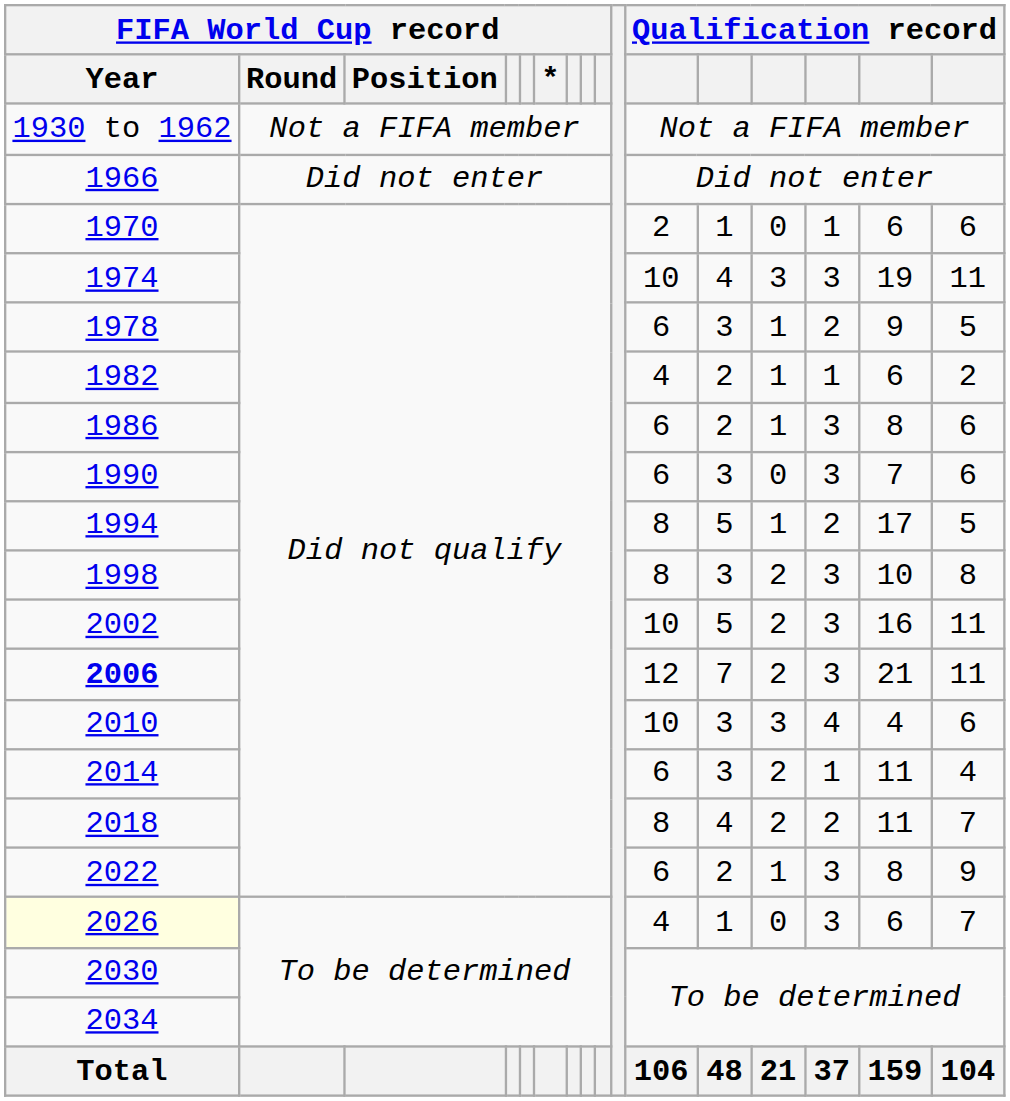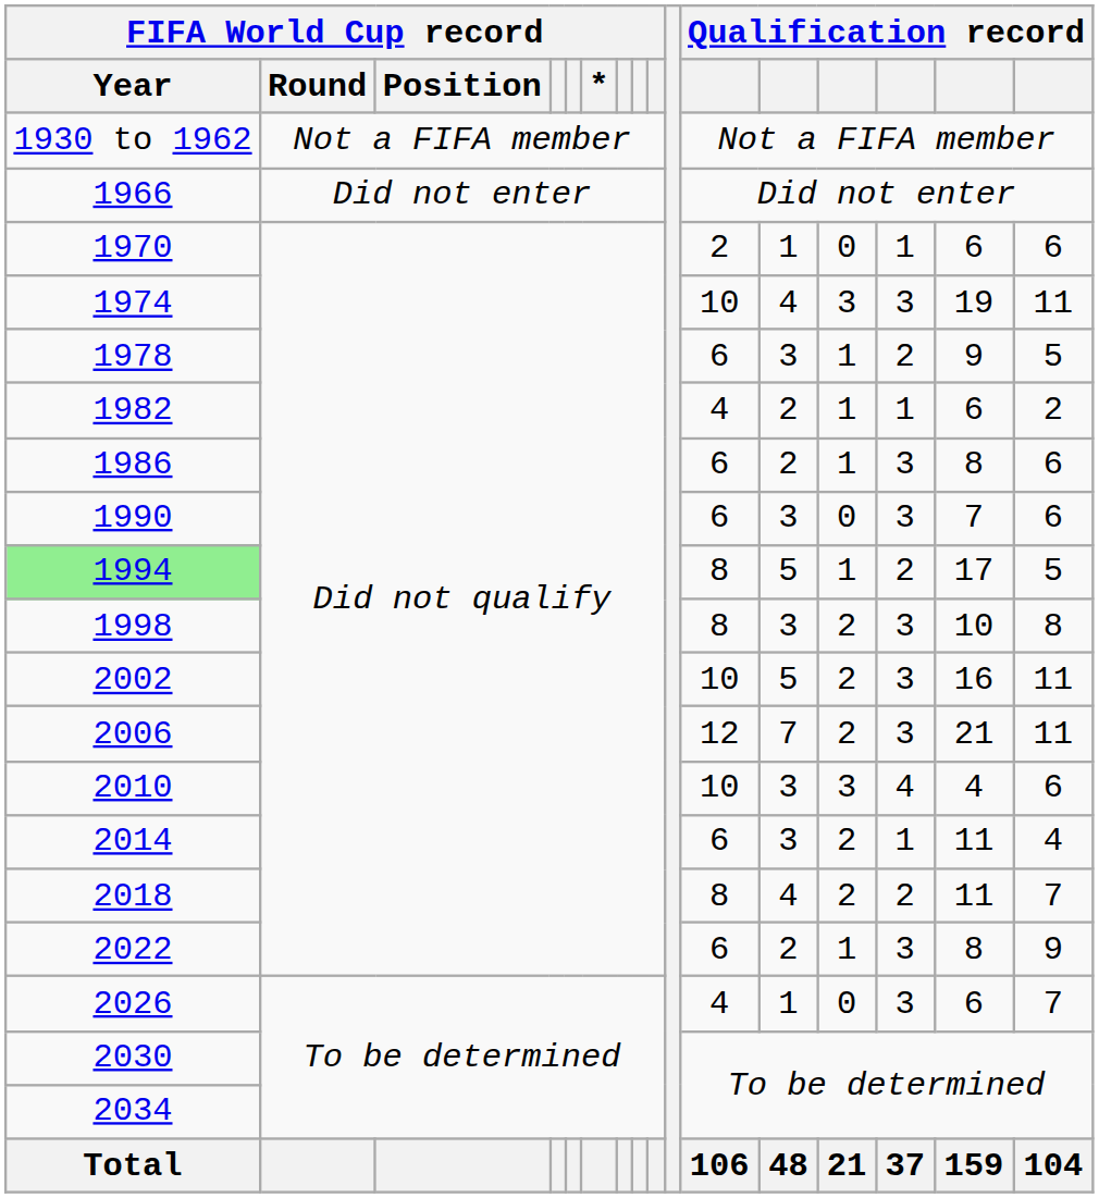 <table class="wikitable" style="text-align: center;">
 <tr>
 <th colspan=9><a href='#'>FIFA World Cup</a> record</th>
 <th rowspan=39></th>
 <th colspan=6><a href='#'>Qualification</a> record</th>
 </tr>
 <tr>
 <th>Year</th>
 <th>Round</th>
 <th>Position</th>
 <th></th>
 <th></th>
 <th>*</th>
 <th></th>
 <th></th>
 <th></th>
 <th></th>
 <th></th>
 <th></th>
 <th></th>
 <th></th>
 <th></th>
 </tr>
 <tr>
 <td><a href='#'>1930</a> to <a href='#'>1962</a></td>
 <td colspan=8><em>Not a FIFA member</em></td>
 <td colspan=6><em>Not a FIFA member</em></td>
 </tr>
 <tr>
 <td> <a href='#'>1966</a></td>
 <td colspan=8><em>Did not enter</em></td>
 <td colspan=6><em>Did not enter</em></td>
 </tr>
 <tr>
 <td> <a href='#'>1970</a></td>
 <td colspan=8 rowspan=14><em>Did not qualify</em></td>
 <td>2</td>
 <td>1</td>
 <td>0</td>
 <td>1</td>
 <td>6</td>
 <td>6</td>
 </tr>
 <tr>
 <td> <a href='#'>1974</a></td>
 <td>10</td>
 <td>4</td>
 <td>3</td>
 <td>3</td>
 <td>19</td>
 <td>11</td>
 </tr>
 <tr>
 <td> <a href='#'>1978</a></td>
 <td>6</td>
 <td>3</td>
 <td>1</td>
 <td>2</td>
 <td>9</td>
 <td>5</td>
 </tr>
 <tr>
 <td> <a href='#'>1982</a></td>
 <td>4</td>
 <td>2</td>
 <td>1</td>
 <td>1</td>
 <td>6</td>
 <td>2</td>
 </tr>
 <tr>
 <td> <a href='#'>1986</a></td>
 <td>6</td>
 <td>2</td>
 <td>1</td>
 <td>3</td>
 <td>8</td>
 <td>6</td>
 </tr>
 <tr>
 <td> <a href='#'>1990</a></td>
 <td>6</td>
 <td>3</td>
 <td>0</td>
 <td>3</td>
 <td>7</td>
 <td>6</td>
 </tr>
 <tr>
-<td> <a href='#'>1994</a></td>
+<td style="background: lightgreen;"> <a href='#'>1994</a></td>
 <td>8</td>
 <td>5</td>
 <td>1</td>
 <td>2</td>
 <td>17</td>
 <td>5</td>
 </tr>
 <tr>
 <td> <a href='#'>1998</a></td>
 <td>8</td>
 <td>3</td>
 <td>2</td>
 <td>3</td>
 <td>10</td>
 <td>8</td>
 </tr>
 <tr>
 <td>  <a href='#'>2002</a></td>
 <td>10</td>
 <td>5</td>
 <td>2</td>
 <td>3</td>
 <td>16</td>
 <td>11</td>
 </tr>
 <tr>
-<td><strong> <a href='#'>2006</a></strong></td>
+<td> <a href='#'>2006</a></td>
 <td>12</td>
 <td>7</td>
 <td>2</td>
 <td>3</td>
 <td>21</td>
 <td>11</td>
 </tr>
 <tr>
 <td> <a href='#'>2010</a></td>
 <td>10</td>
 <td>3</td>
 <td>3</td>
 <td>4</td>
 <td>4</td>
 <td>6</td>
 </tr>
 <tr>
 <td> <a href='#'>2014</a></td>
 <td>6</td>
 <td>3</td>
 <td>2</td>
 <td>1</td>
 <td>11</td>
 <td>4</td>
 </tr>
 <tr>
 <td> <a href='#'>2018</a></td>
 <td>8</td>
 <td>4</td>
 <td>2</td>
 <td>2</td>
 <td>11</td>
 <td>7</td>
 </tr>
 <tr>
 <td> <a href='#'>2022</a></td>
 <td>6</td>
 <td>2</td>
 <td>1</td>
 <td>3</td>
 <td>8</td>
 <td>9</td>
 </tr>
 <tr>
-<td style="background: lightyellow;">   <a href='#'>2026</a></td>
+<td>   <a href='#'>2026</a></td>
 <td colspan=8 rowspan=3><em>To be determined</em></td>
 <td>4</td>
 <td>1</td>
 <td>0</td>
 <td>3</td>
 <td>6</td>
 <td>7</td>
 </tr>
 <tr>
 <td>   <a href='#'>2030</a></td>
 <td colspan=6 rowspan=2><em>To be determined</em></td>
 </tr>
 <tr>
 <td> <a href='#'>2034</a></td>
 </tr>
 <tr>
 <th>Total</th>
 <th></th>
 <th></th>
 <th></th>
 <th></th>
 <th></th>
 <th></th>
 <th></th>
 <th></th>
 <th>106</th>
 <th>48</th>
 <th>21</th>
 <th>37</th>
 <th>159</th>
 <th>104</th>
 </tr>
 </table>
